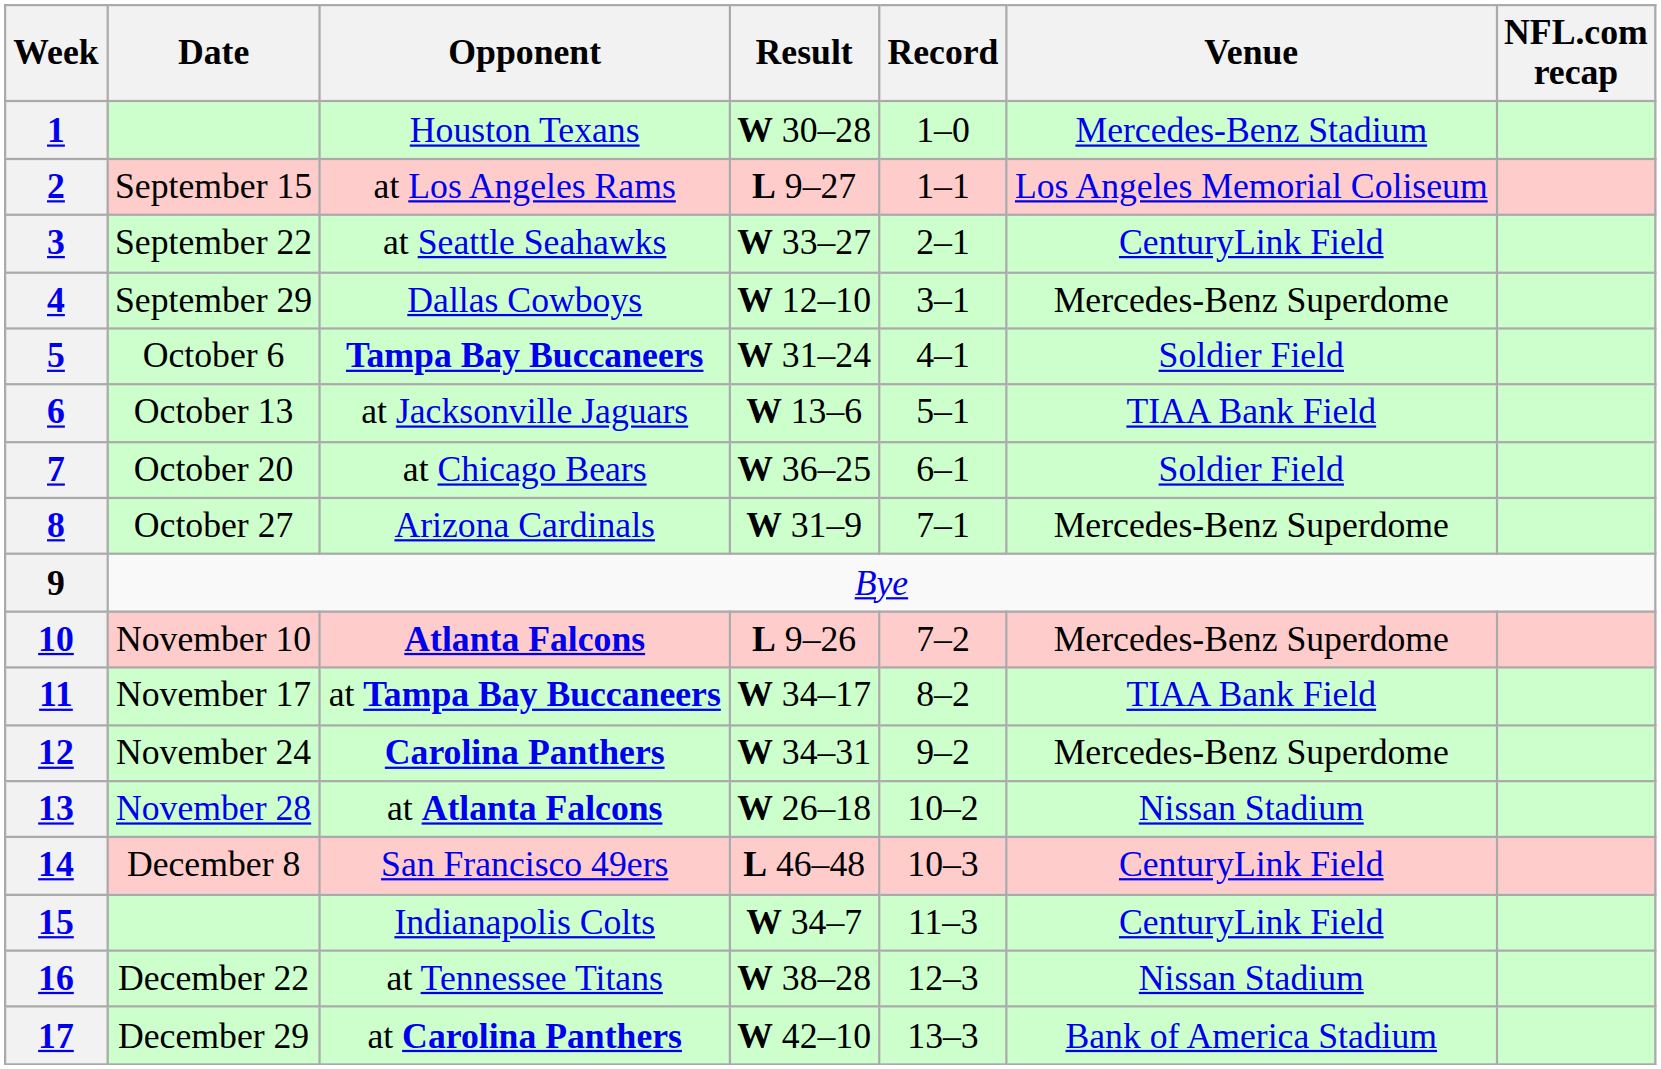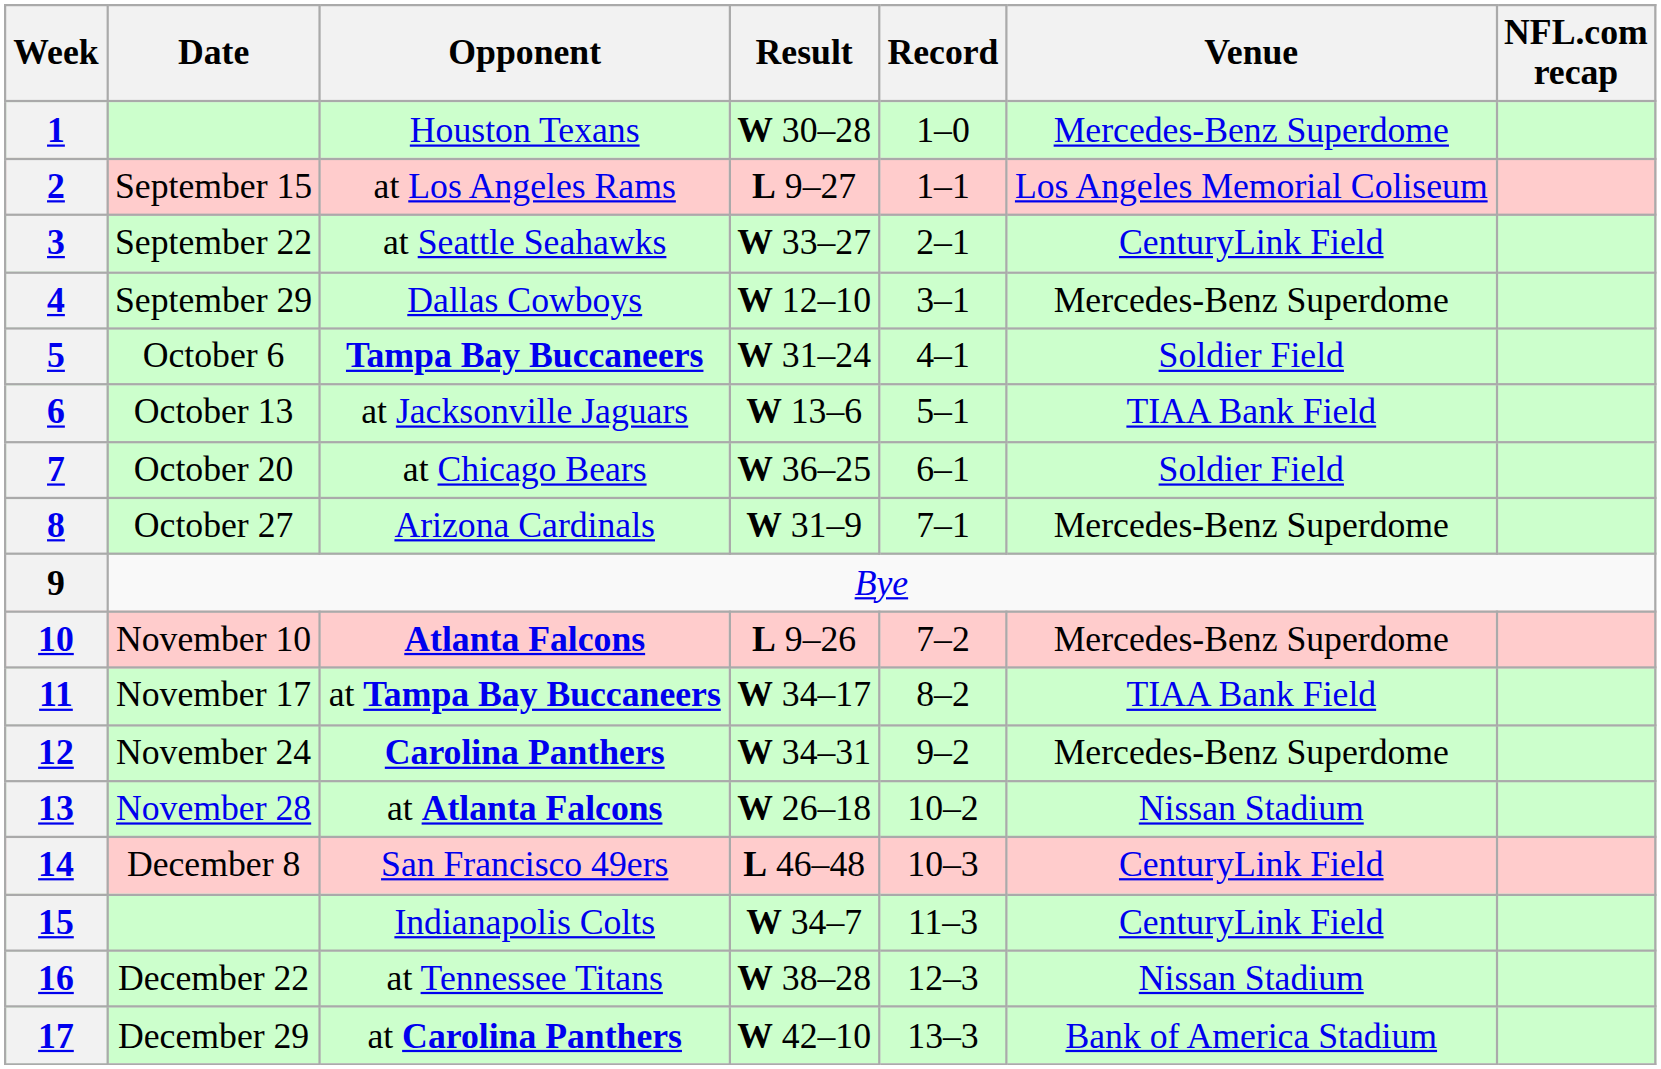 <table class="wikitable" style="text-align:center">
 <tr>
 <th>Week</th>
 <th>Date</th>
 <th>Opponent</th>
 <th>Result</th>
 <th>Record</th>
 <th>Venue</th>
 <th>NFL.com<br>recap</th>
 </tr>
 <tr style="background:#cfc">
 <th><a href='#'>1</a></th>
 <td></td>
 <td><a href='#'>Houston Texans</a></td>
 <td><strong>W</strong> 30–28</td>
 <td>1–0</td>
-<td><a href='#'>Mercedes-Benz Stadium</a></td>
+<td><a href='#'>Mercedes-Benz Superdome</a></td>
 <td></td>
 </tr>
 <tr style="background:#fcc">
 <th><a href='#'>2</a></th>
 <td>September 15</td>
 <td>at <a href='#'>Los Angeles Rams</a></td>
 <td><strong>L</strong> 9–27</td>
 <td>1–1</td>
 <td><a href='#'>Los Angeles Memorial Coliseum</a></td>
 <td></td>
 </tr>
 <tr style="background:#cfc">
 <th><a href='#'>3</a></th>
 <td>September 22</td>
 <td>at <a href='#'>Seattle Seahawks</a></td>
 <td><strong>W</strong> 33–27</td>
 <td>2–1</td>
 <td><a href='#'>CenturyLink Field</a></td>
 <td></td>
 </tr>
 <tr style="background:#cfc">
 <th><a href='#'>4</a></th>
 <td>September 29</td>
 <td><a href='#'>Dallas Cowboys</a></td>
 <td><strong>W</strong> 12–10</td>
 <td>3–1</td>
 <td>Mercedes-Benz Superdome</td>
 <td></td>
 </tr>
 <tr style="background:#cfc">
 <th><a href='#'>5</a></th>
 <td>October 6</td>
 <td><strong><a href='#'>Tampa Bay Buccaneers</a></strong></td>
 <td><strong>W</strong> 31–24</td>
 <td>4–1</td>
 <td><a href='#'>Soldier Field</a></td>
 <td></td>
 </tr>
 <tr style="background:#cfc">
 <th><a href='#'>6</a></th>
 <td>October 13</td>
 <td>at <a href='#'>Jacksonville Jaguars</a></td>
 <td><strong>W</strong> 13–6</td>
 <td>5–1</td>
 <td><a href='#'>TIAA Bank Field</a></td>
 <td></td>
 </tr>
 <tr style="background:#cfc">
 <th><a href='#'>7</a></th>
 <td>October 20</td>
 <td>at <a href='#'>Chicago Bears</a></td>
 <td><strong>W</strong> 36–25</td>
 <td>6–1</td>
 <td><a href='#'>Soldier Field</a></td>
 <td></td>
 </tr>
 <tr style="background:#cfc">
 <th><a href='#'>8</a></th>
 <td>October 27</td>
 <td><a href='#'>Arizona Cardinals</a></td>
 <td><strong>W</strong> 31–9</td>
 <td>7–1</td>
 <td>Mercedes-Benz Superdome</td>
 <td></td>
 </tr>
 <tr>
 <th>9</th>
 <td colspan="6"><em><a href='#'>Bye</a></em></td>
 </tr>
 <tr style="background:#fcc">
 <th><a href='#'>10</a></th>
 <td>November 10</td>
 <td><strong><a href='#'>Atlanta Falcons</a></strong></td>
 <td><strong>L</strong> 9–26</td>
 <td>7–2</td>
 <td>Mercedes-Benz Superdome</td>
 <td></td>
 </tr>
 <tr style="background:#cfc">
 <th><a href='#'>11</a></th>
 <td>November 17</td>
 <td>at <strong><a href='#'>Tampa Bay Buccaneers</a></strong></td>
 <td><strong>W</strong> 34–17</td>
 <td>8–2</td>
 <td><a href='#'>TIAA Bank Field</a></td>
 <td></td>
 </tr>
 <tr style="background:#cfc">
 <th><a href='#'>12</a></th>
 <td>November 24</td>
 <td><strong><a href='#'>Carolina Panthers</a></strong></td>
 <td><strong>W</strong> 34–31</td>
 <td>9–2</td>
 <td>Mercedes-Benz Superdome</td>
 <td></td>
 </tr>
 <tr style="background:#cfc">
 <th><a href='#'>13</a></th>
 <td><a href='#'>November 28</a></td>
 <td>at <strong><a href='#'>Atlanta Falcons</a></strong></td>
 <td><strong>W</strong> 26–18</td>
 <td>10–2</td>
 <td><a href='#'>Nissan Stadium</a></td>
 <td></td>
 </tr>
 <tr style="background:#fcc">
 <th><a href='#'>14</a></th>
 <td>December 8</td>
 <td><a href='#'>San Francisco 49ers</a></td>
 <td><strong>L</strong> 46–48</td>
 <td>10–3</td>
 <td><a href='#'>CenturyLink Field</a></td>
 <td></td>
 </tr>
 <tr style="background:#cfc">
 <th><a href='#'>15</a></th>
 <td></td>
 <td><a href='#'>Indianapolis Colts</a></td>
 <td><strong>W</strong> 34–7</td>
 <td>11–3</td>
 <td><a href='#'>CenturyLink Field</a></td>
 <td></td>
 </tr>
 <tr style="background:#cfc">
 <th><a href='#'>16</a></th>
 <td>December 22</td>
 <td>at <a href='#'>Tennessee Titans</a></td>
 <td><strong>W</strong> 38–28</td>
 <td>12–3</td>
 <td><a href='#'>Nissan Stadium</a></td>
 <td></td>
 </tr>
 <tr style="background:#cfc">
 <th><a href='#'>17</a></th>
 <td>December 29</td>
 <td>at <strong><a href='#'>Carolina Panthers</a></strong></td>
 <td><strong>W</strong> 42–10</td>
 <td>13–3</td>
 <td><a href='#'>Bank of America Stadium</a></td>
 <td></td>
 </tr>
 </table>
